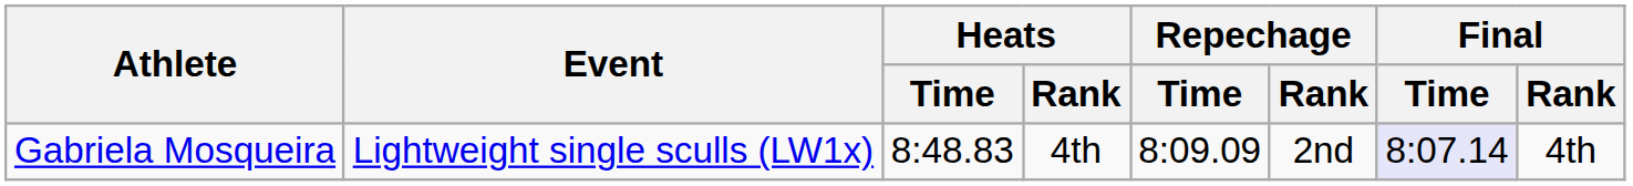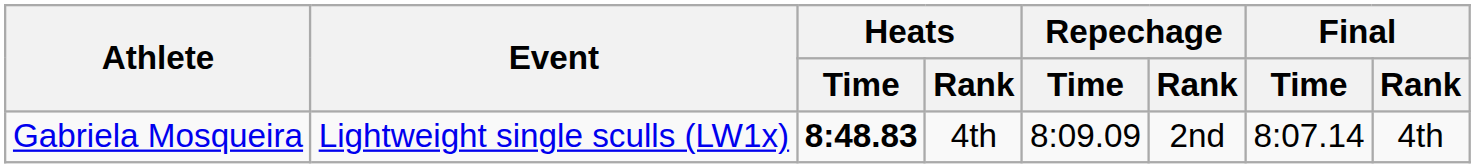 <table class="wikitable" border="1" style="font-size:90%">
 <tr>
 <th rowspan=2>Athlete</th>
 <th rowspan=2>Event</th>
 <th colspan=2>Heats</th>
 <th colspan=2>Repechage</th>
 <th colspan=2>Final</th>
 </tr>
 <tr>
 <th>Time</th>
 <th>Rank</th>
 <th>Time</th>
 <th>Rank</th>
 <th>Time</th>
 <th>Rank</th>
 </tr>
 <tr>
 <td><a href='#'>Gabriela Mosqueira</a></td>
 <td><a href='#'>Lightweight single sculls (LW1x)</a></td>
-<td align=center>8:48.83</td>
+<td align=center><strong>8:48.83</strong></td>
 <td align=center>4th</td>
 <td align=center>8:09.09</td>
 <td align=center>2nd</td>
-<td align=center style="background: lavender;">8:07.14</td>
+<td align=center>8:07.14</td>
 <td align=center>4th</td>
 </tr>
 </table>
